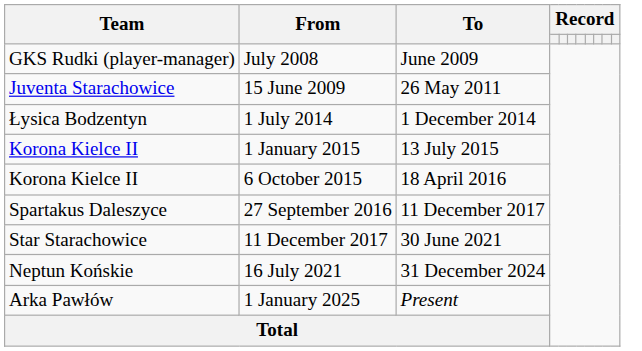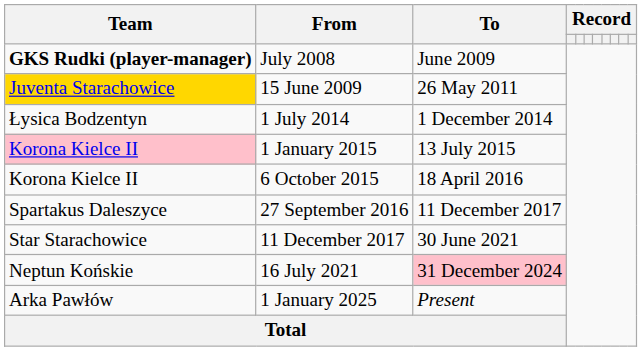 <table class="wikitable" style="text-align: center;">
 <tr>
 <th rowspan="2">Team</th>
 <th rowspan="2">From</th>
 <th rowspan="2">To</th>
 <th colspan="8">Record</th>
 </tr>
 <tr>
 <th></th>
 <th></th>
 <th></th>
 <th></th>
 <th></th>
 <th></th>
 <th></th>
 <th></th>
 </tr>
 <tr>
-<td align=left>GKS Rudki (player-manager)</td>
+<td align=left><strong>GKS Rudki (player-manager)</strong></td>
 <td align=left>July 2008</td>
 <td align=left>June 2009<br></td>
 </tr>
 <tr>
-<td align=left><a href='#'>Juventa Starachowice</a></td>
+<td align=left style="background: gold;"><a href='#'>Juventa Starachowice</a></td>
 <td align=left>15 June 2009</td>
 <td align=left>26 May 2011<br></td>
 </tr>
 <tr>
 <td align=left>Łysica Bodzentyn</td>
 <td align=left>1 July 2014</td>
 <td align=left>1 December 2014<br></td>
 </tr>
 <tr>
-<td align=left><a href='#'>Korona Kielce II</a></td>
+<td align=left style="background: pink;"><a href='#'>Korona Kielce II</a></td>
 <td align=left>1 January 2015</td>
 <td align=left>13 July 2015<br></td>
 </tr>
 <tr>
 <td align=left>Korona Kielce II</td>
 <td align=left>6 October 2015</td>
 <td align=left>18 April 2016<br></td>
 </tr>
 <tr>
 <td align=left>Spartakus Daleszyce</td>
 <td align=left>27 September 2016</td>
 <td align=left>11 December 2017<br></td>
 </tr>
 <tr>
 <td align=left>Star Starachowice</td>
 <td align=left>11 December 2017</td>
 <td align=left>30 June 2021<br></td>
 </tr>
 <tr>
 <td align=left>Neptun Końskie</td>
 <td align=left>16 July 2021</td>
-<td align=left>31 December 2024<br></td>
+<td align=left style="background: pink;">31 December 2024<br></td>
 </tr>
 <tr>
 <td align=left>Arka Pawłów</td>
 <td align=left>1 January 2025</td>
 <td align=left><em>Present</em><br></td>
 </tr>
 <tr>
 <th colspan="3">Total<br></th>
 </tr>
 </table>
